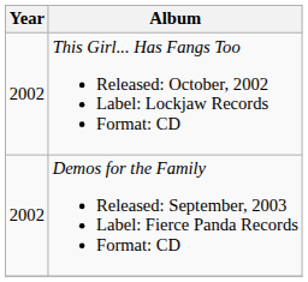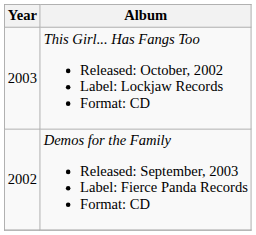 <table class="wikitable" style="text-align:center;">
 <tr>
 <th rowspan="1">Year</th>
 <th rowspan="1">Album</th>
 </tr>
 <tr>
-<td>2002</td>
+<td>2003</td>
 <td align="left"><em>This Girl... Has Fangs Too</em><br><ul><li>Released: October, 2002</li><li>Label: Lockjaw Records</li><li>Format: CD</li></ul></td>
 </tr>
 <tr>
 <td>2002</td>
 <td align="left"><em>Demos for the Family</em><br><ul><li>Released: September, 2003</li><li>Label: Fierce Panda Records</li><li>Format: CD</li></ul></td>
 </tr>
 <tr>
 </tr>
 </table>
